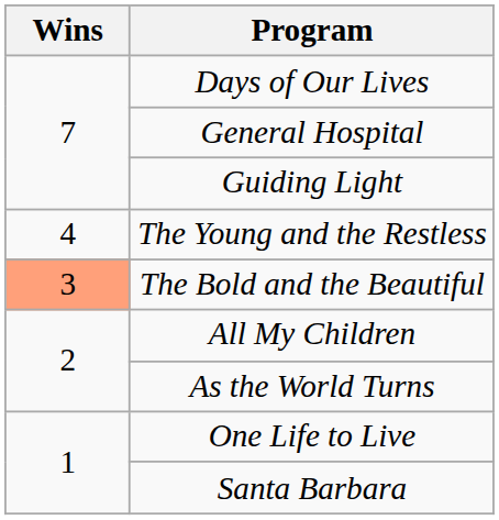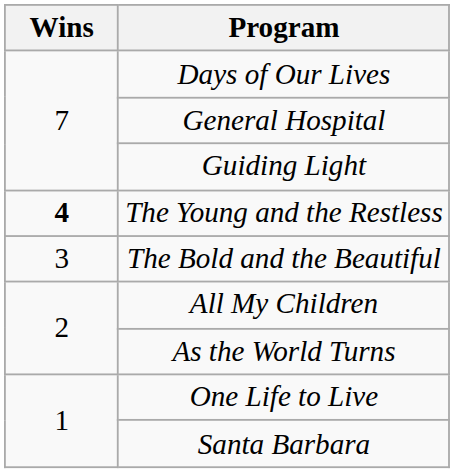 <table class="wikitable" style="text-align: center;">
 <tr>
 <th scope="col" width="55">Wins</th>
 <th scope="col" align="center">Program</th>
 </tr>
 <tr>
 <td scope="row" rowspan="3">7</td>
 <td><em>Days of Our Lives</em></td>
 </tr>
 <tr>
 <td><em>General Hospital</em></td>
 </tr>
 <tr>
 <td><em>Guiding Light</em></td>
 </tr>
 <tr>
-<td scope="row">4</td>
+<td scope="row"><strong>4</strong></td>
 <td><em>The Young and the Restless</em></td>
 </tr>
 <tr>
-<td scope="row" style="background: lightsalmon;">3</td>
+<td scope="row">3</td>
 <td><em>The Bold and the Beautiful</em></td>
 </tr>
 <tr>
 <td scope="row" rowspan="2">2</td>
 <td><em>All My Children</em></td>
 </tr>
 <tr>
 <td><em>As the World Turns</em></td>
 </tr>
 <tr>
 <td scope="row" rowspan="2">1</td>
 <td><em>One Life to Live</em></td>
 </tr>
 <tr>
 <td><em>Santa Barbara</em></td>
 </tr>
 </table>
